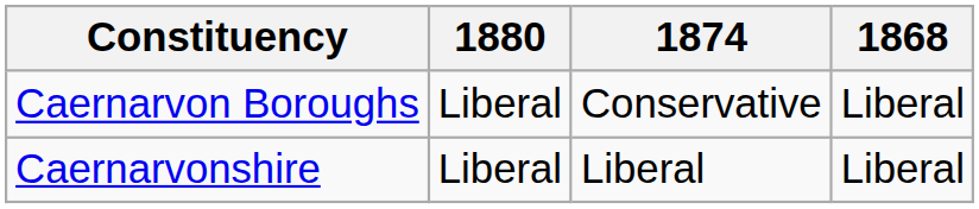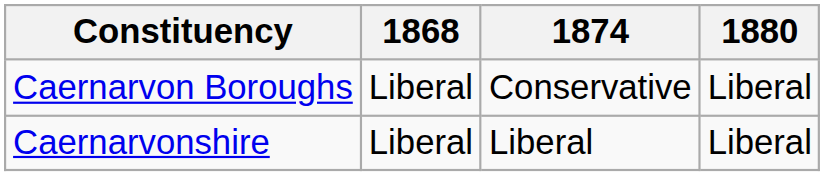 <table class="wikitable">
 <tr>
 <th>Constituency</th>
+<th>1868</th>
+<th>1874</th>
 <th>1880</th>
-<th>1874</th>
-<th>1868</th>
 </tr>
 <tr>
 <td><a href='#'>Caernarvon Boroughs</a></td>
 <td>Liberal</td>
 <td>Conservative</td>
 <td>Liberal</td>
 </tr>
 <tr>
 <td><a href='#'>Caernarvonshire</a></td>
 <td>Liberal</td>
 <td>Liberal</td>
 <td>Liberal</td>
 </tr>
 </table>
